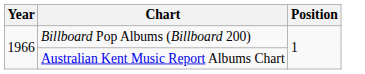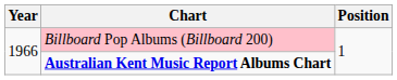 <table class="wikitable">
 <tr>
 <th>Year</th>
 <th>Chart</th>
 <th>Position</th>
 </tr>
 <tr>
 <td rowspan=2>1966</td>
-<td><em>Billboard</em> Pop Albums (<em>Billboard</em> 200)</td>
+<td style="background: pink;"><em>Billboard</em> Pop Albums (<em>Billboard</em> 200)</td>
 <td rowspan=2>1</td>
 </tr>
 <tr>
-<td><a href='#'>Australian Kent Music Report</a> Albums Chart</td>
+<td><strong><a href='#'>Australian Kent Music Report</a> Albums Chart</strong></td>
 </tr>
 </table>
